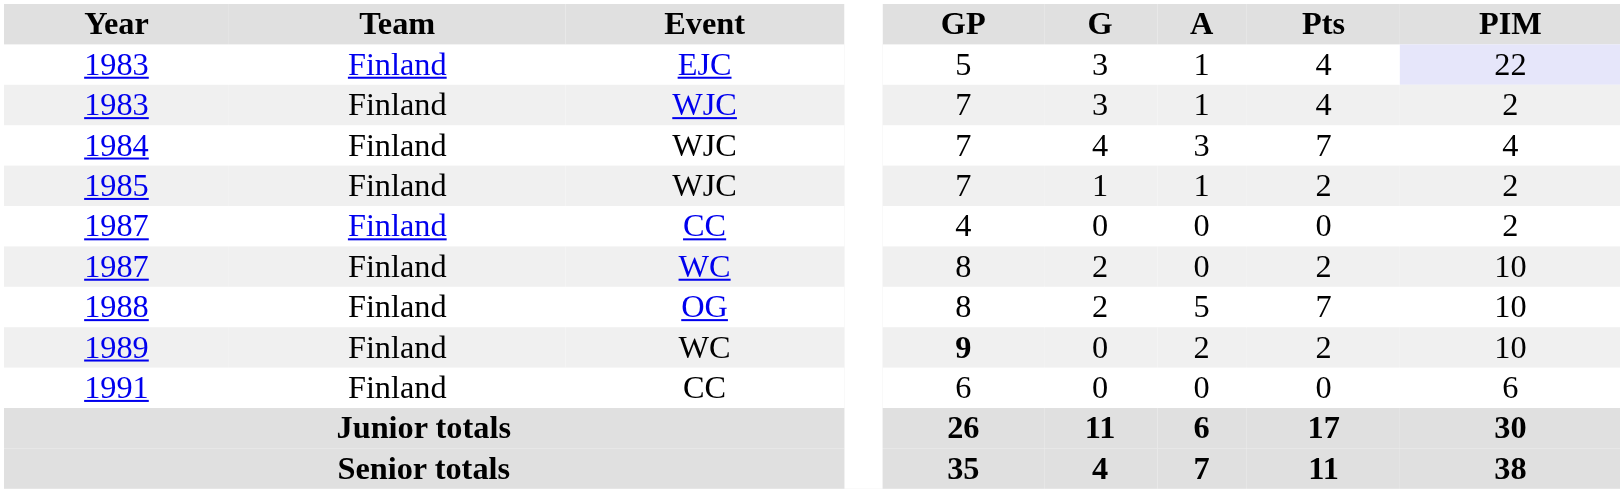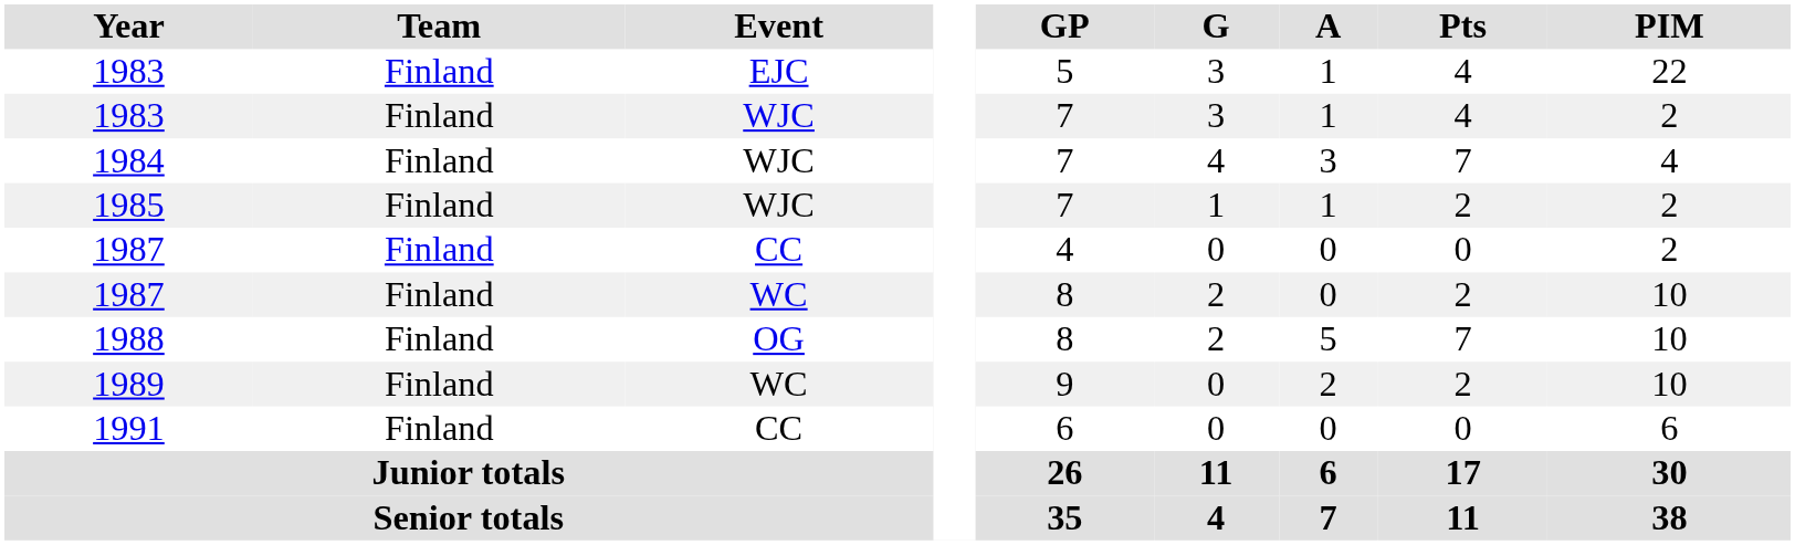 <table border="0" cellpadding="1" cellspacing="0" style="text-align:center; width:50em">
 <tr ALIGN="center" bgcolor="#e0e0e0">
 <th>Year</th>
 <th>Team</th>
 <th>Event</th>
 <th rowspan="99" bgcolor="#ffffff"> </th>
 <th>GP</th>
 <th>G</th>
 <th>A</th>
 <th>Pts</th>
 <th>PIM</th>
 </tr>
 <tr>
 <td><a href='#'>1983</a></td>
 <td><a href='#'>Finland</a></td>
 <td><a href='#'>EJC</a></td>
 <td>5</td>
 <td>3</td>
 <td>1</td>
 <td>4</td>
-<td style="background: lavender;">22</td>
+<td>22</td>
 </tr>
 <tr bgcolor="#f0f0f0">
 <td><a href='#'>1983</a></td>
 <td>Finland</td>
 <td><a href='#'>WJC</a></td>
 <td>7</td>
 <td>3</td>
 <td>1</td>
 <td>4</td>
 <td>2</td>
 </tr>
 <tr>
 <td><a href='#'>1984</a></td>
 <td>Finland</td>
 <td>WJC</td>
 <td>7</td>
 <td>4</td>
 <td>3</td>
 <td>7</td>
 <td>4</td>
 </tr>
 <tr bgcolor="#f0f0f0">
 <td><a href='#'>1985</a></td>
 <td>Finland</td>
 <td>WJC</td>
 <td>7</td>
 <td>1</td>
 <td>1</td>
 <td>2</td>
 <td>2</td>
 </tr>
 <tr>
 <td><a href='#'>1987</a></td>
 <td><a href='#'>Finland</a></td>
 <td><a href='#'>CC</a></td>
 <td>4</td>
 <td>0</td>
 <td>0</td>
 <td>0</td>
 <td>2</td>
 </tr>
 <tr bgcolor="#f0f0f0">
 <td><a href='#'>1987</a></td>
 <td>Finland</td>
 <td><a href='#'>WC</a></td>
 <td>8</td>
 <td>2</td>
 <td>0</td>
 <td>2</td>
 <td>10</td>
 </tr>
 <tr>
 <td><a href='#'>1988</a></td>
 <td>Finland</td>
 <td><a href='#'>OG</a></td>
 <td>8</td>
 <td>2</td>
 <td>5</td>
 <td>7</td>
 <td>10</td>
 </tr>
 <tr bgcolor="#f0f0f0">
 <td><a href='#'>1989</a></td>
 <td>Finland</td>
 <td>WC</td>
-<td><strong>9</strong></td>
+<td>9</td>
 <td>0</td>
 <td>2</td>
 <td>2</td>
 <td>10</td>
 </tr>
 <tr>
 <td><a href='#'>1991</a></td>
 <td>Finland</td>
 <td>CC</td>
 <td>6</td>
 <td>0</td>
 <td>0</td>
 <td>0</td>
 <td>6</td>
 </tr>
 <tr bgcolor="#e0e0e0">
 <th colspan=3>Junior totals</th>
 <th>26</th>
 <th>11</th>
 <th>6</th>
 <th>17</th>
 <th>30</th>
 </tr>
 <tr bgcolor="#e0e0e0">
 <th colspan=3>Senior totals</th>
 <th>35</th>
 <th>4</th>
 <th>7</th>
 <th>11</th>
 <th>38</th>
 </tr>
 </table>
